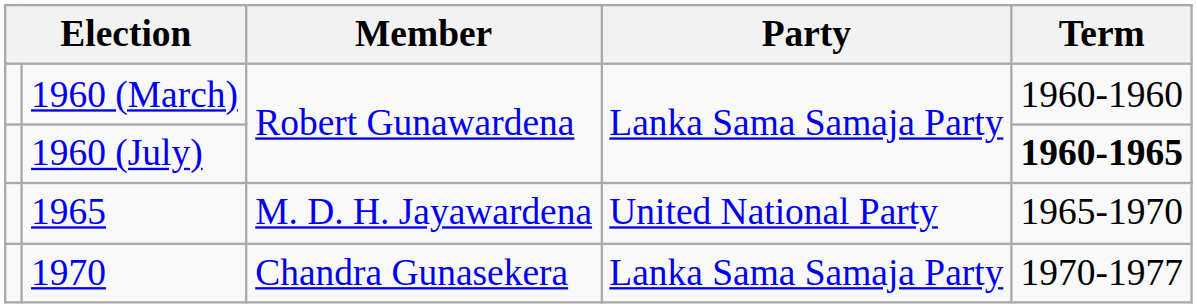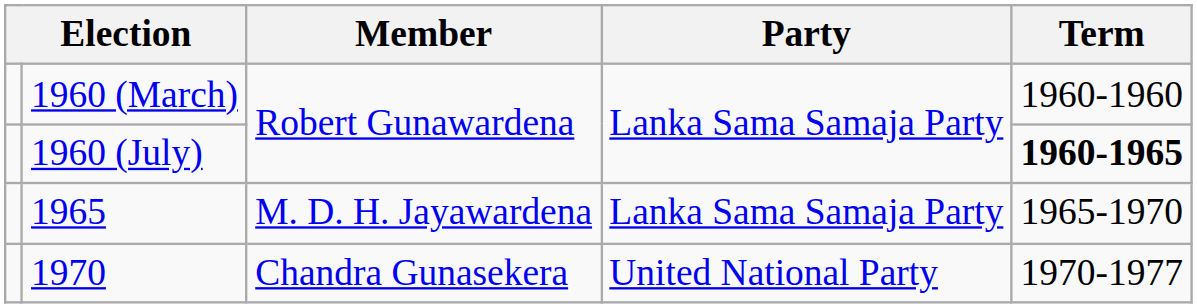 <table class="wikitable">
 <tr>
 <th colspan="2">Election</th>
 <th>Member</th>
 <th>Party</th>
 <th>Term</th>
 </tr>
 <tr>
 <td style="background-color: "></td>
 <td><a href='#'>1960 (March)</a></td>
 <td rowspan=2><a href='#'>Robert Gunawardena</a></td>
 <td rowspan=2><a href='#'>Lanka Sama Samaja Party</a></td>
 <td>1960-1960</td>
 </tr>
 <tr>
 <td style="background-color: "></td>
 <td><a href='#'>1960 (July)</a></td>
 <td><strong>1960-1965</strong></td>
 </tr>
 <tr>
 <td style="background-color: "></td>
 <td><a href='#'>1965</a></td>
 <td><a href='#'>M. D. H. Jayawardena</a></td>
-<td><a href='#'>United National Party</a></td>
+<td><a href='#'>Lanka Sama Samaja Party</a></td>
 <td>1965-1970</td>
 </tr>
 <tr>
 <td style="background-color: "></td>
 <td><a href='#'>1970</a></td>
 <td><a href='#'>Chandra Gunasekera</a></td>
-<td><a href='#'>Lanka Sama Samaja Party</a></td>
+<td><a href='#'>United National Party</a></td>
 <td>1970-1977</td>
 </tr>
 </table>
